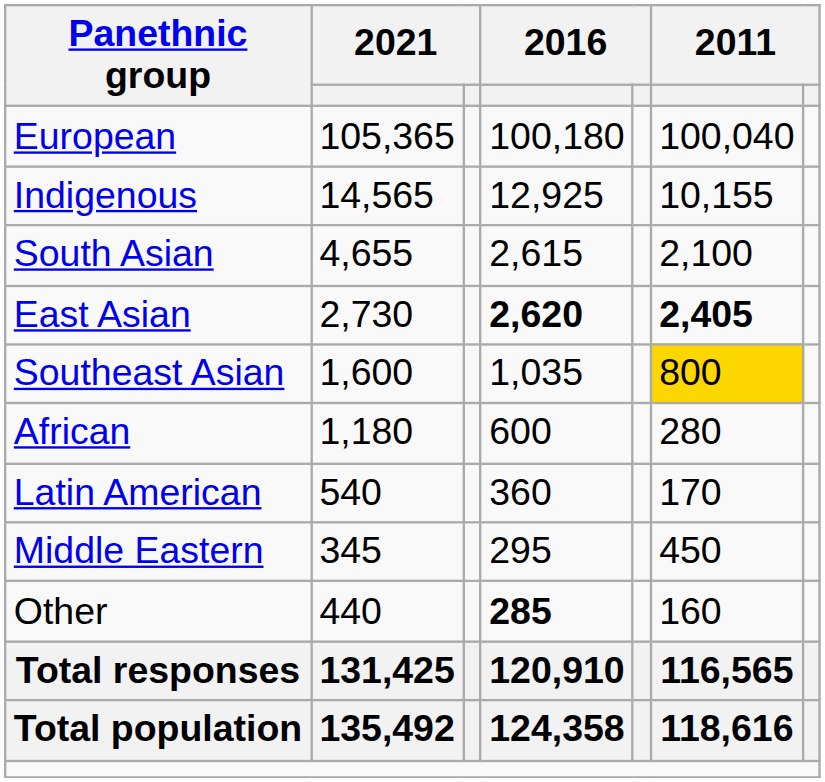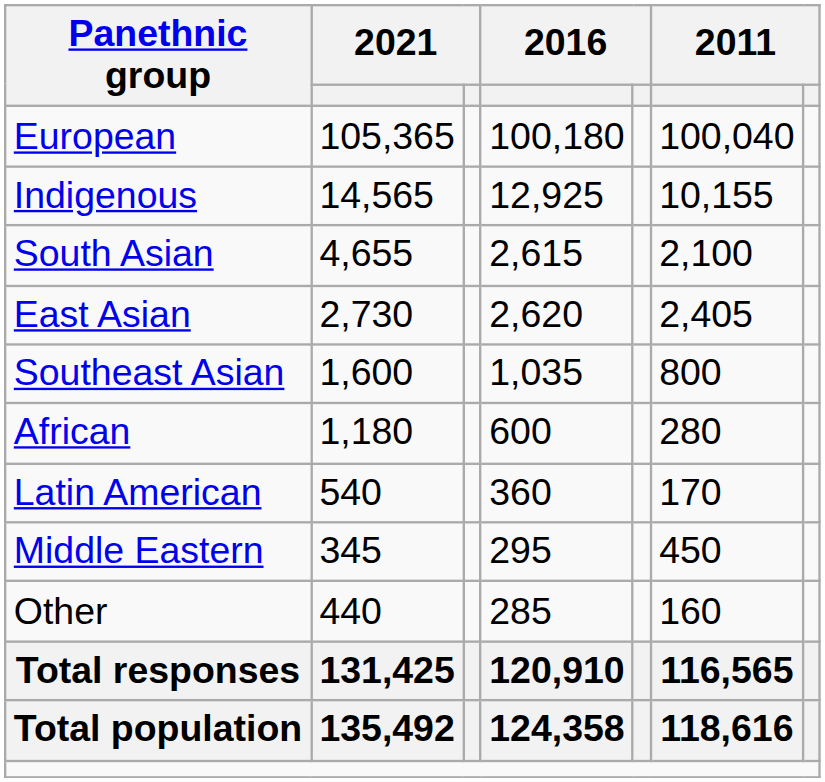 <table class="wikitable collapsible sortable">
 <tr>
 <th rowspan="2"><a href='#'>Panethnic</a><br>group</th>
 <th colspan="2">2021</th>
 <th colspan="2">2016</th>
 <th colspan="2">2011</th>
 </tr>
 <tr>
 <th><a href='#'></a></th>
 <th></th>
 <th></th>
 <th></th>
 <th></th>
 <th></th>
 </tr>
 <tr>
 <td><a href='#'>European</a></td>
 <td>105,365</td>
 <td></td>
 <td>100,180</td>
 <td></td>
 <td>100,040</td>
 <td></td>
 </tr>
 <tr>
 <td><a href='#'>Indigenous</a></td>
 <td>14,565</td>
 <td></td>
 <td>12,925</td>
 <td></td>
 <td>10,155</td>
 <td></td>
 </tr>
 <tr>
 <td><a href='#'>South Asian</a></td>
 <td>4,655</td>
 <td></td>
 <td>2,615</td>
 <td></td>
 <td>2,100</td>
 <td></td>
 </tr>
 <tr>
 <td><a href='#'>East Asian</a></td>
 <td>2,730</td>
 <td></td>
-<td><strong>2,620</strong></td>
+<td>2,620</td>
 <td></td>
-<td><strong>2,405</strong></td>
+<td>2,405</td>
 <td></td>
 </tr>
 <tr>
 <td><a href='#'>Southeast Asian</a></td>
 <td>1,600</td>
 <td></td>
 <td>1,035</td>
 <td></td>
-<td style="background: gold;">800</td>
+<td>800</td>
 <td></td>
 </tr>
 <tr>
 <td><a href='#'>African</a></td>
 <td>1,180</td>
 <td></td>
 <td>600</td>
 <td></td>
 <td>280</td>
 <td></td>
 </tr>
 <tr>
 <td><a href='#'>Latin American</a></td>
 <td>540</td>
 <td></td>
 <td>360</td>
 <td></td>
 <td>170</td>
 <td></td>
 </tr>
 <tr>
 <td><a href='#'>Middle Eastern</a></td>
 <td>345</td>
 <td></td>
 <td>295</td>
 <td></td>
 <td>450</td>
 <td></td>
 </tr>
 <tr>
 <td>Other</td>
 <td>440</td>
 <td></td>
-<td><strong>285</strong></td>
+<td>285</td>
 <td></td>
 <td>160</td>
 <td></td>
 </tr>
 <tr>
 <th>Total responses</th>
 <th>131,425</th>
 <th></th>
 <th>120,910</th>
 <th></th>
 <th>116,565</th>
 <th></th>
 </tr>
 <tr>
 <th>Total population</th>
 <th>135,492</th>
 <th></th>
 <th>124,358</th>
 <th></th>
 <th>118,616</th>
 <th></th>
 </tr>
 <tr class="sortbottom">
 <td colspan="15"></td>
 </tr>
 </table>
